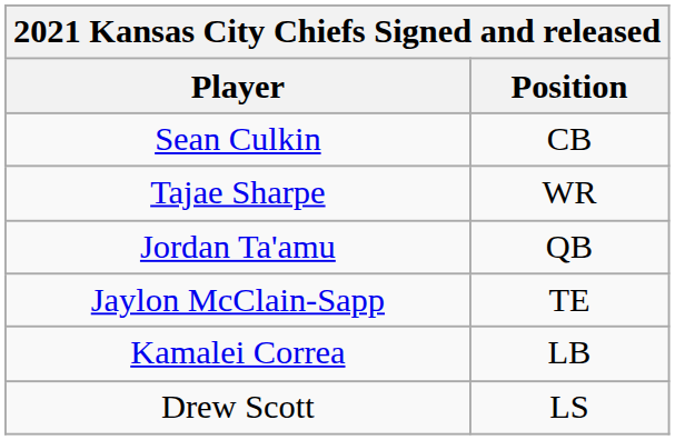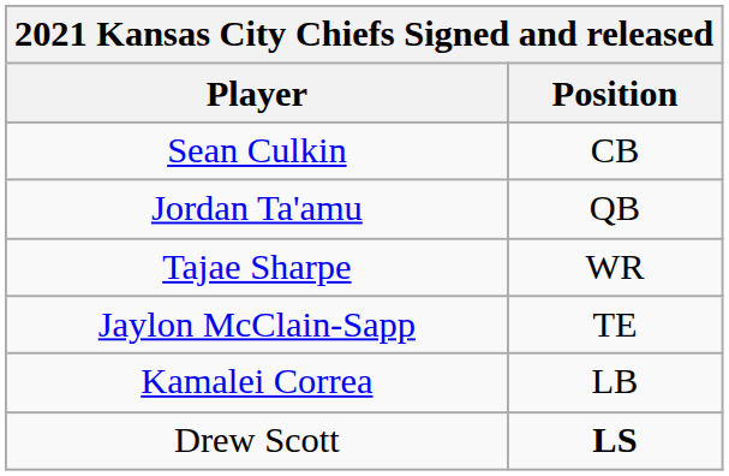 <table class="wikitable" style="text-align:center">
 <tr>
 <th colspan=2>2021 Kansas City Chiefs Signed and released</th>
 </tr>
 <tr>
 <th>Player</th>
 <th>Position</th>
 </tr>
 <tr>
 <td><a href='#'>Sean Culkin</a></td>
 <td>CB</td>
 </tr>
 <tr>
+<td><a href='#'>Jordan Ta'amu</a></td>
+<td>QB</td>
+</tr>
+<tr>
 <td><a href='#'>Tajae Sharpe</a></td>
 <td>WR</td>
-</tr>
-<tr>
-<td><a href='#'>Jordan Ta'amu</a></td>
-<td>QB</td>
 </tr>
 <tr>
 <td><a href='#'>Jaylon McClain-Sapp</a></td>
 <td>TE</td>
 </tr>
 <tr>
 <td><a href='#'>Kamalei Correa</a></td>
 <td>LB</td>
 </tr>
 <tr>
 <td>Drew Scott</td>
-<td>LS</td>
+<td><strong>LS</strong></td>
 </tr>
 </table>
